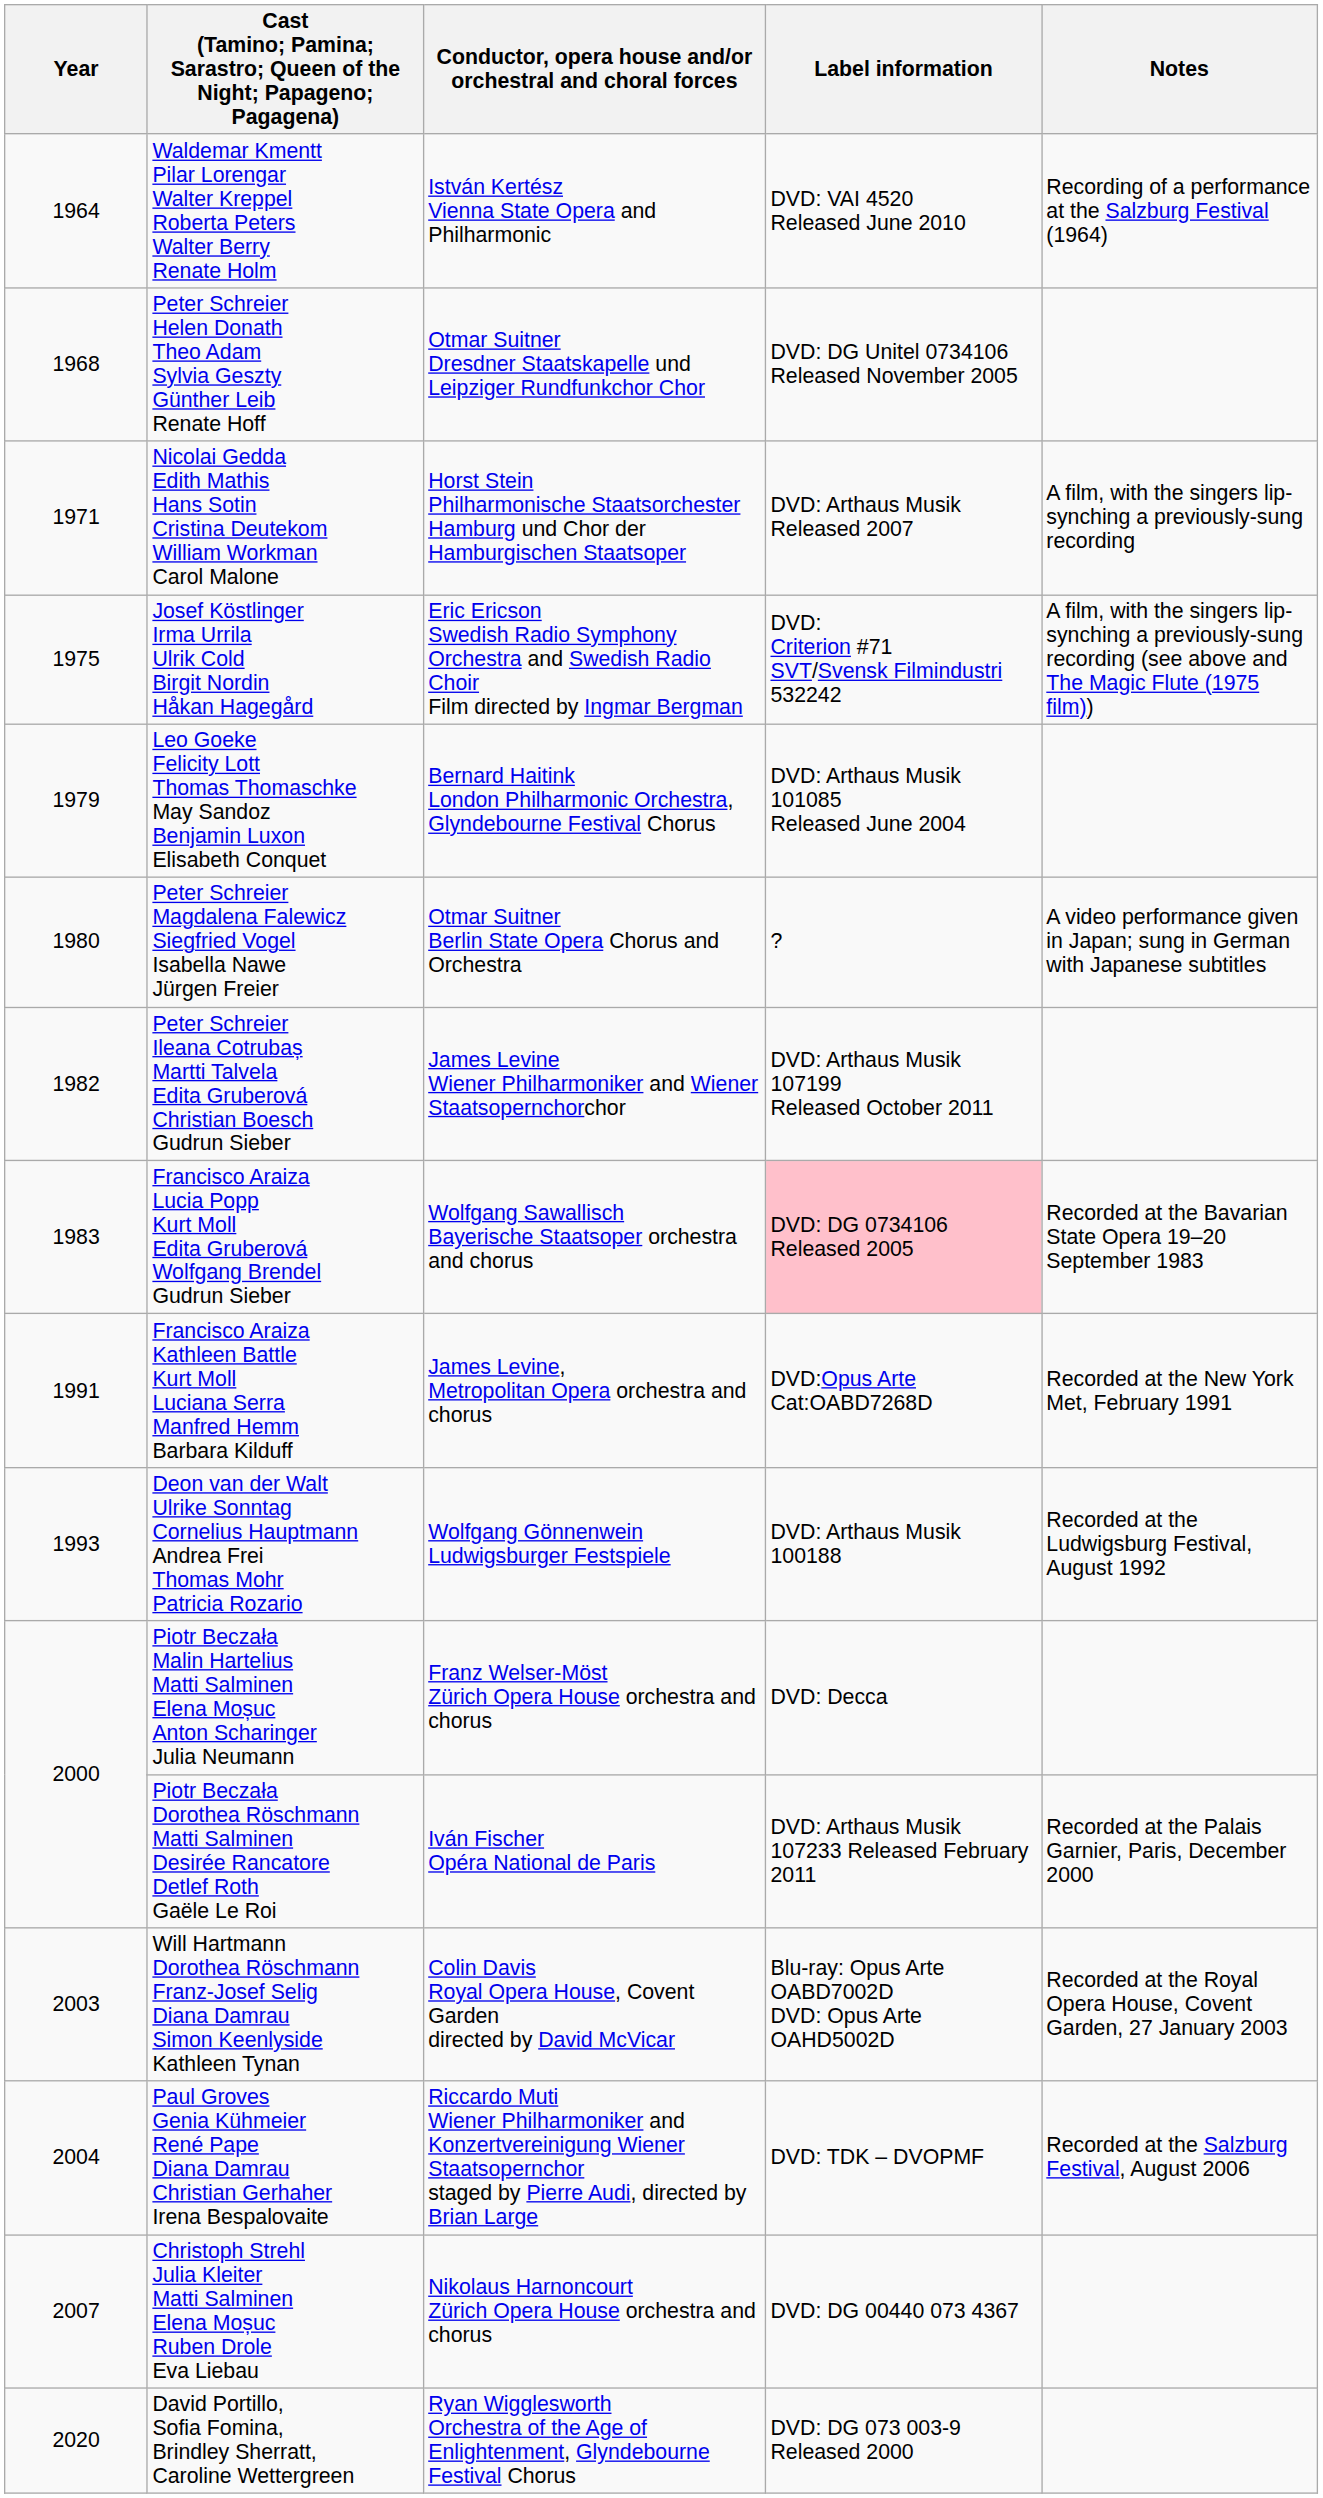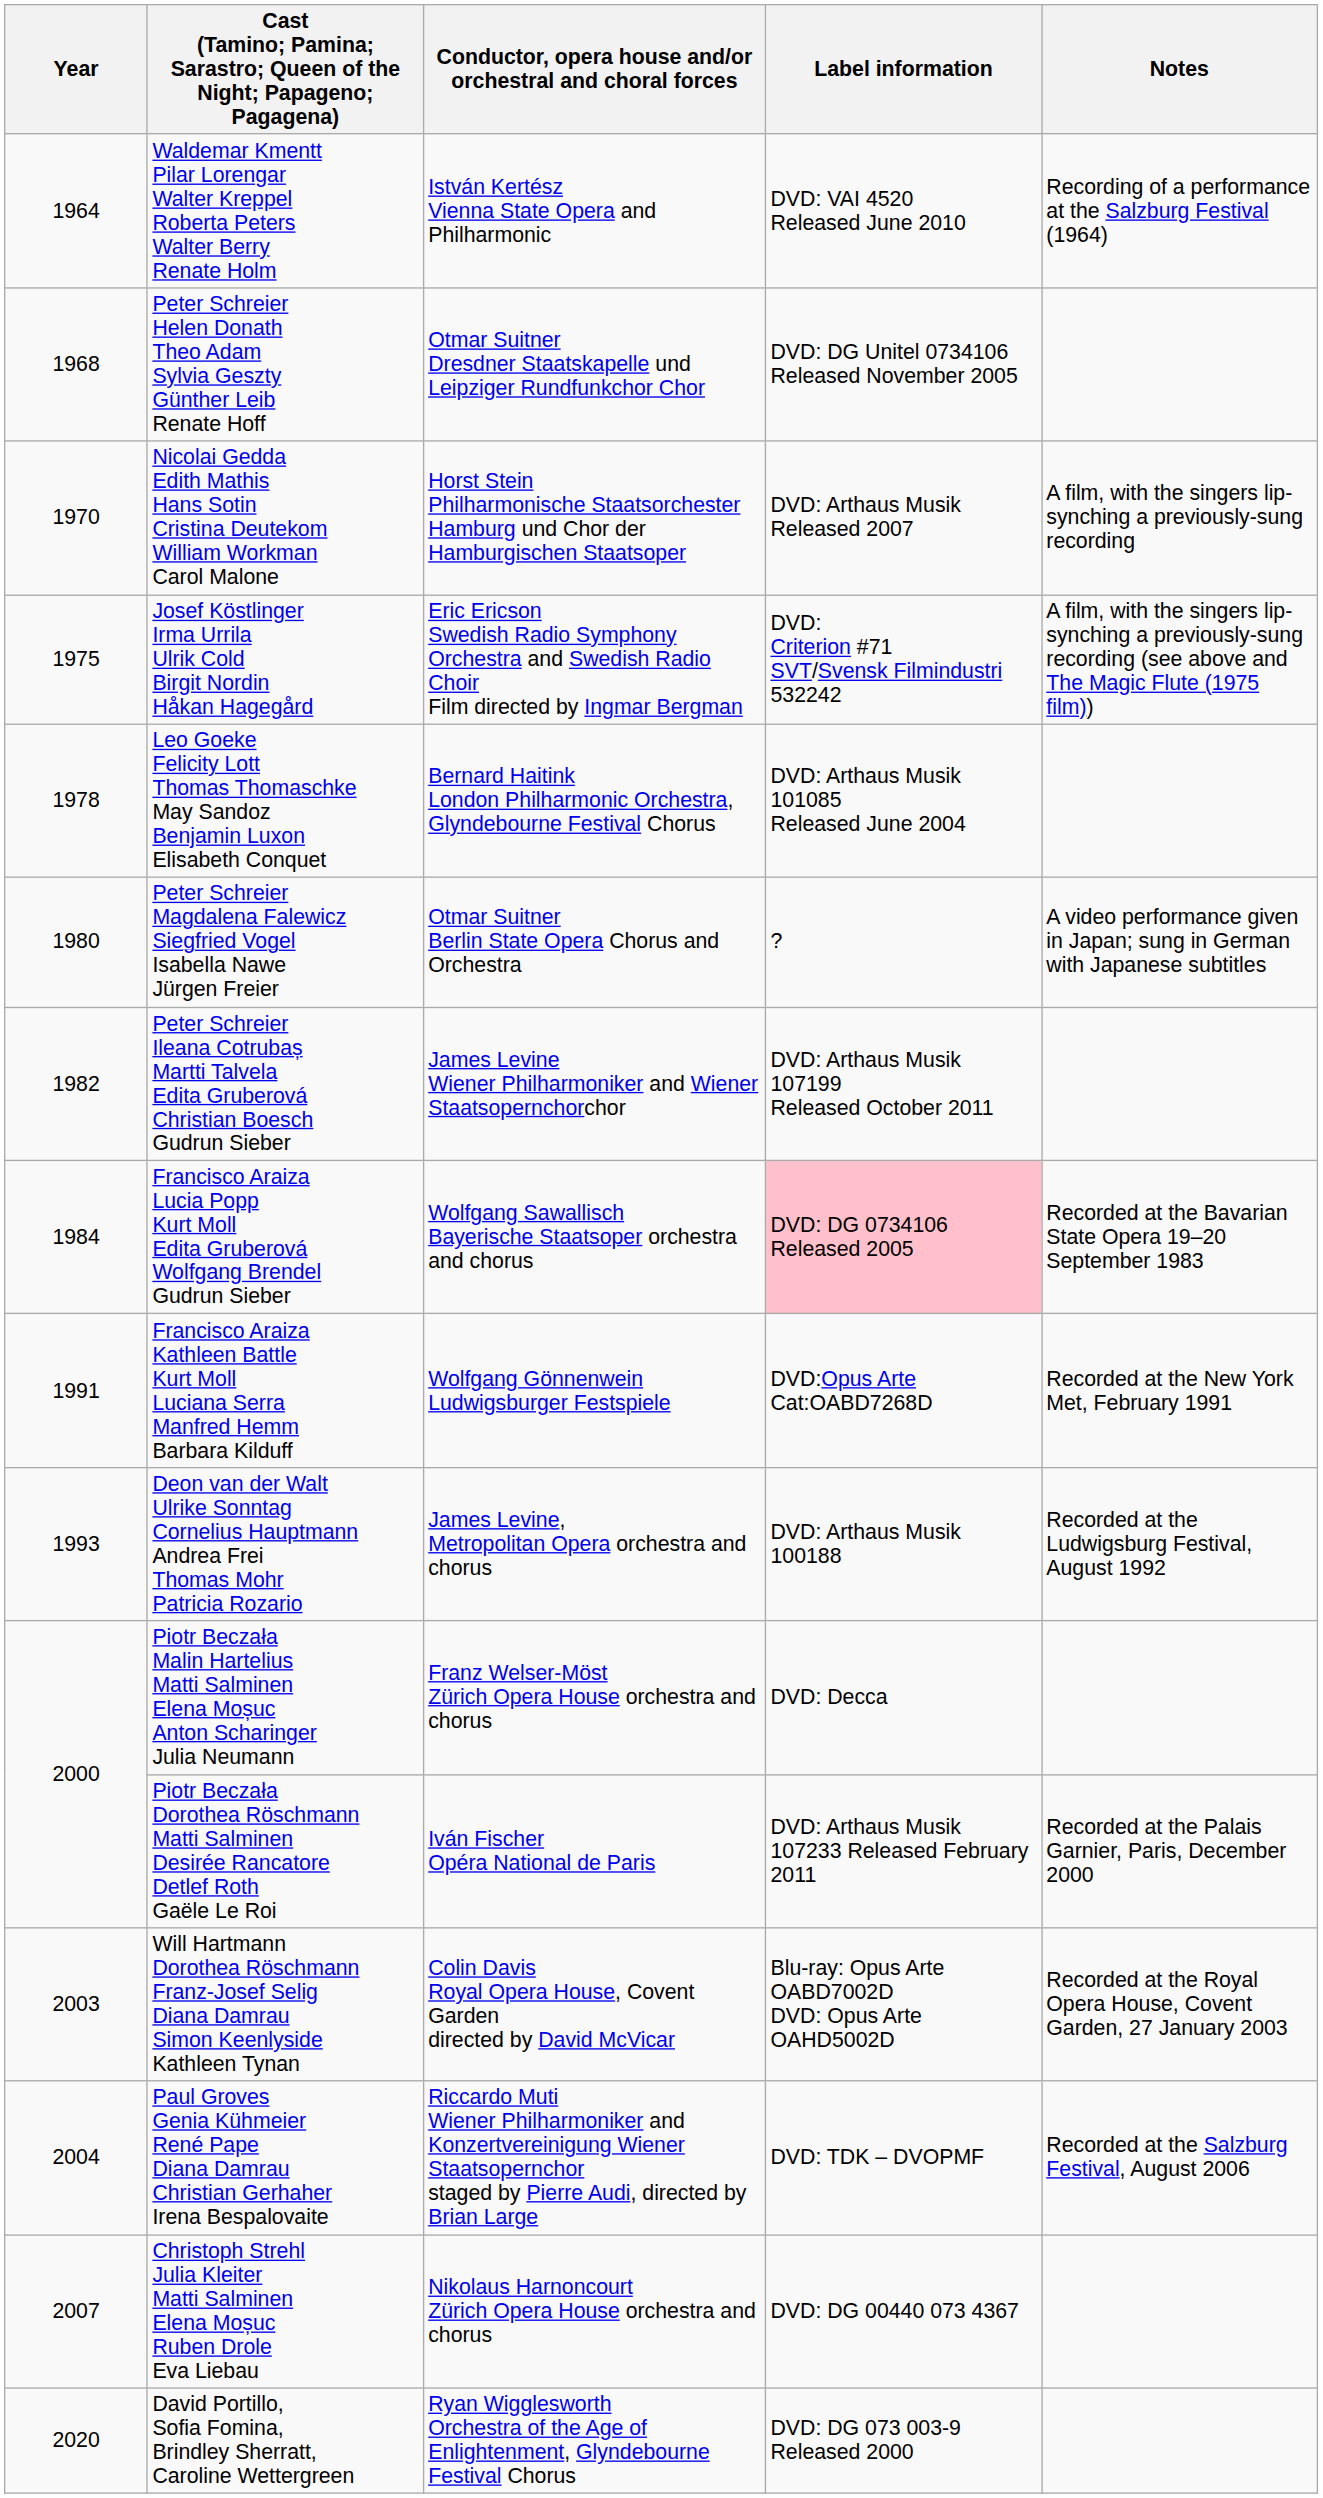 <table class="wikitable">
 <tr>
 <th width= "100">Year</th>
 <th width= "200">Cast<br>(Tamino; Pamina; Sarastro; Queen of the Night; Papageno; Pagagena)</th>
 <th width= "250">Conductor, opera house and/or orchestral and choral forces</th>
 <th width= "200">Label information</th>
 <th width= "200">Notes</th>
 </tr>
 <tr>
 <td align= "center">1964</td>
 <td><a href='#'>Waldemar Kmentt</a><br><a href='#'>Pilar Lorengar</a><br><a href='#'>Walter Kreppel</a><br><a href='#'>Roberta Peters</a><br><a href='#'>Walter Berry</a><br><a href='#'>Renate Holm</a></td>
 <td><a href='#'>István Kertész</a><br><a href='#'>Vienna State Opera</a> and Philharmonic</td>
 <td>DVD: VAI 4520<br>Released June 2010</td>
 <td>Recording of a performance at the <a href='#'>Salzburg Festival</a> (1964)</td>
 </tr>
 <tr>
 <td align= "center">1968</td>
 <td><a href='#'>Peter Schreier</a><br><a href='#'>Helen Donath</a><br><a href='#'>Theo Adam</a><br><a href='#'>Sylvia Geszty</a><br><a href='#'>Günther Leib</a><br>Renate Hoff</td>
 <td><a href='#'>Otmar Suitner</a><br><a href='#'>Dresdner Staatskapelle</a> und <a href='#'>Leipziger Rundfunkchor Chor</a></td>
 <td>DVD: DG Unitel 0734106<br>Released November 2005</td>
 <td></td>
 </tr>
 <tr>
-<td align= "center">1971</td>
+<td align= "center">1970</td>
 <td><a href='#'>Nicolai Gedda</a><br><a href='#'>Edith Mathis</a><br><a href='#'>Hans Sotin</a><br><a href='#'>Cristina Deutekom</a><br><a href='#'>William Workman</a><br>Carol Malone</td>
 <td><a href='#'>Horst Stein</a><br><a href='#'>Philharmonische Staatsorchester Hamburg</a> und Chor der <a href='#'>Hamburgischen Staatsoper</a></td>
 <td>DVD: Arthaus Musik<br>Released 2007</td>
 <td>A film, with the singers lip-synching a previously-sung recording</td>
 </tr>
 <tr>
 <td align="center">1975</td>
 <td><a href='#'>Josef Köstlinger</a><br><a href='#'>Irma Urrila</a><br><a href='#'>Ulrik Cold</a><br><a href='#'>Birgit Nordin</a><br><a href='#'>Håkan Hagegård</a><br></td>
 <td><a href='#'>Eric Ericson</a><br><a href='#'>Swedish Radio Symphony Orchestra</a> and <a href='#'>Swedish Radio Choir</a><br>Film directed by <a href='#'>Ingmar Bergman</a></td>
 <td>DVD:<br><a href='#'>Criterion</a> #71<br><a href='#'>SVT</a>/<a href='#'>Svensk Filmindustri</a> 532242</td>
 <td>A film, with the singers lip-synching a previously-sung recording (see above and <a href='#'>The Magic Flute (1975 film)</a>)</td>
 </tr>
 <tr>
-<td align= "center">1979</td>
+<td align= "center">1978</td>
 <td><a href='#'>Leo Goeke</a><br><a href='#'>Felicity Lott</a><br><a href='#'>Thomas Thomaschke</a><br>May Sandoz<br><a href='#'>Benjamin Luxon</a><br>Elisabeth Conquet</td>
 <td><a href='#'>Bernard Haitink</a><br><a href='#'>London Philharmonic Orchestra</a>, <a href='#'>Glyndebourne Festival</a> Chorus</td>
 <td>DVD: Arthaus Musik 101085<br>Released June 2004</td>
 <td></td>
 </tr>
 <tr>
 <td align= "center">1980</td>
 <td><a href='#'>Peter Schreier</a><br><a href='#'>Magdalena Falewicz</a><br><a href='#'>Siegfried Vogel</a><br>Isabella Nawe<br>Jürgen Freier</td>
 <td><a href='#'>Otmar Suitner</a><br><a href='#'>Berlin State Opera</a> Chorus and Orchestra</td>
 <td>?</td>
 <td>A video performance given in Japan; sung in German with Japanese subtitles</td>
 </tr>
 <tr>
 <td align= "center">1982</td>
 <td><a href='#'>Peter Schreier</a><br><a href='#'>Ileana Cotrubaș</a><br><a href='#'>Martti Talvela</a><br><a href='#'>Edita Gruberová</a><br><a href='#'>Christian Boesch</a><br>Gudrun Sieber</td>
 <td><a href='#'>James Levine</a><br><a href='#'>Wiener Philharmoniker</a> and <a href='#'>Wiener Staatsopernchor</a>chor</td>
 <td>DVD: Arthaus Musik 107199<br>Released October 2011</td>
 <td></td>
 </tr>
 <tr>
-<td align= "center">1983</td>
+<td align= "center">1984</td>
 <td><a href='#'>Francisco Araiza</a><br><a href='#'>Lucia Popp</a><br><a href='#'>Kurt Moll</a><br><a href='#'>Edita Gruberová</a><br><a href='#'>Wolfgang Brendel</a><br>Gudrun Sieber</td>
 <td><a href='#'>Wolfgang Sawallisch</a><br><a href='#'>Bayerische Staatsoper</a> orchestra and chorus</td>
 <td style="background: pink;">DVD: DG 0734106<br>Released 2005</td>
 <td>Recorded at the Bavarian State Opera 19–20 September 1983</td>
 </tr>
 <tr>
 <td align= "center">1991</td>
 <td><a href='#'>Francisco Araiza</a><br><a href='#'>Kathleen Battle</a><br><a href='#'>Kurt Moll</a><br><a href='#'>Luciana Serra</a><br><a href='#'>Manfred Hemm</a><br>Barbara Kilduff</td>
-<td><a href='#'>James Levine</a>,<br><a href='#'>Metropolitan Opera</a> orchestra and chorus</td>
+<td><a href='#'>Wolfgang Gönnenwein</a><br><a href='#'>Ludwigsburger Festspiele</a></td>
 <td>DVD:<a href='#'>Opus Arte</a> Cat:OABD7268D</td>
 <td>Recorded at the New York Met, February 1991</td>
 </tr>
 <tr>
 <td align= "center">1993</td>
 <td><a href='#'>Deon van der Walt</a><br><a href='#'>Ulrike Sonntag</a><br><a href='#'>Cornelius Hauptmann</a><br>Andrea Frei<br><a href='#'>Thomas Mohr</a><br><a href='#'>Patricia Rozario</a></td>
-<td><a href='#'>Wolfgang Gönnenwein</a><br><a href='#'>Ludwigsburger Festspiele</a></td>
+<td><a href='#'>James Levine</a>,<br><a href='#'>Metropolitan Opera</a> orchestra and chorus</td>
 <td>DVD: Arthaus Musik 100188</td>
 <td>Recorded at the Ludwigsburg Festival, August 1992</td>
 </tr>
 <tr>
 <td rowspan="2" align= "center">2000</td>
 <td><a href='#'>Piotr Beczała</a><br><a href='#'>Malin Hartelius</a><br><a href='#'>Matti Salminen</a><br><a href='#'>Elena Moșuc</a><br><a href='#'>Anton Scharinger</a><br>Julia Neumann</td>
 <td><a href='#'>Franz Welser-Möst</a><br><a href='#'>Zürich Opera House</a> orchestra and chorus</td>
 <td>DVD: Decca</td>
 <td></td>
 </tr>
 <tr>
 <td><a href='#'>Piotr Beczała</a><br><a href='#'>Dorothea Röschmann</a><br><a href='#'>Matti Salminen</a><br><a href='#'>Desirée Rancatore</a><br><a href='#'>Detlef Roth</a><br>Gaële Le Roi</td>
 <td><a href='#'>Iván Fischer</a><br><a href='#'>Opéra National de Paris</a></td>
 <td>DVD: Arthaus Musik 107233 Released February 2011</td>
 <td>Recorded at the Palais Garnier, Paris, December 2000</td>
 </tr>
 <tr>
 <td align= "center">2003</td>
 <td>Will Hartmann<br><a href='#'>Dorothea Röschmann</a><br><a href='#'>Franz-Josef Selig</a><br><a href='#'>Diana Damrau</a><br><a href='#'>Simon Keenlyside</a><br>Kathleen Tynan</td>
 <td><a href='#'>Colin Davis</a><br><a href='#'>Royal Opera House</a>, Covent Garden<br>directed by <a href='#'>David McVicar</a></td>
 <td>Blu-ray: Opus Arte OABD7002D<br>DVD: Opus Arte OAHD5002D</td>
 <td>Recorded at the Royal Opera House, Covent Garden, 27 January 2003</td>
 </tr>
 <tr>
 <td align= "center">2004</td>
 <td><a href='#'>Paul Groves</a><br><a href='#'>Genia Kühmeier</a><br><a href='#'>René Pape</a><br><a href='#'>Diana Damrau</a><br><a href='#'>Christian Gerhaher</a><br>Irena Bespalovaite</td>
 <td><a href='#'>Riccardo Muti</a><br><a href='#'>Wiener Philharmoniker</a> and <a href='#'>Konzertvereinigung Wiener Staatsopernchor</a><br>staged by <a href='#'>Pierre Audi</a>, directed by <a href='#'>Brian Large</a></td>
 <td>DVD: TDK – DVOPMF</td>
 <td>Recorded at the <a href='#'>Salzburg Festival</a>, August 2006</td>
 </tr>
 <tr>
 <td align= "center">2007</td>
 <td><a href='#'>Christoph Strehl</a><br><a href='#'>Julia Kleiter</a><br><a href='#'>Matti Salminen</a><br><a href='#'>Elena Moșuc</a><br><a href='#'>Ruben Drole</a><br>Eva Liebau</td>
 <td><a href='#'>Nikolaus Harnoncourt</a><br><a href='#'>Zürich Opera House</a> orchestra and chorus</td>
 <td>DVD: DG 00440 073 4367</td>
 <td></td>
 </tr>
 <tr>
 <td align= "center">2020</td>
 <td>David Portillo,<br>Sofia Fomina,<br>Brindley Sherratt,<br>Caroline Wettergreen</td>
 <td><a href='#'>Ryan Wigglesworth</a><br><a href='#'>Orchestra of the Age of Enlightenment</a>, <a href='#'>Glyndebourne Festival</a> Chorus</td>
 <td>DVD: DG 073 003-9<br>Released 2000</td>
 <td></td>
 </tr>
 </table>
